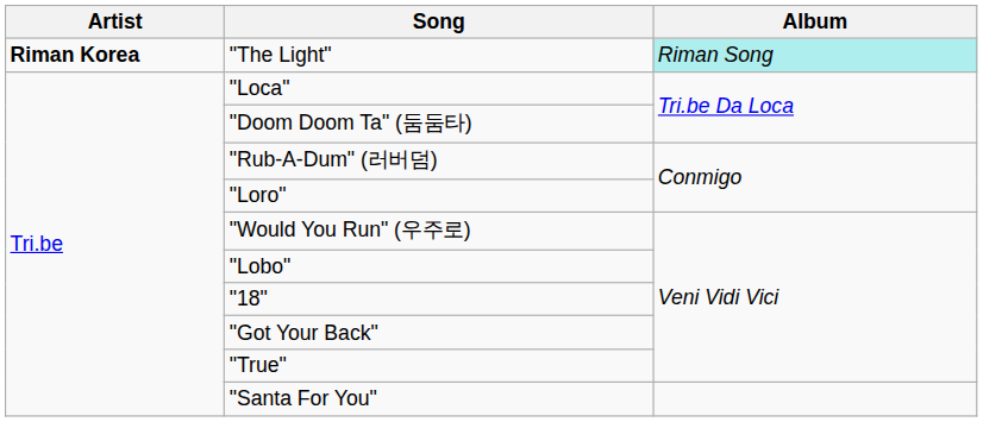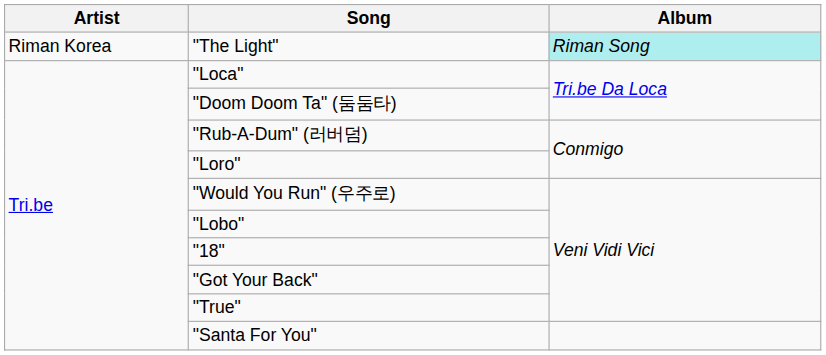 <table class="wikitable">
 <tr>
 <th style="width:10em">Artist</th>
 <th style="width:20em">Song</th>
 <th style="width:15em">Album</th>
 </tr>
 <tr>
-<td><strong>Riman Korea</strong></td>
+<td>Riman Korea</td>
 <td>"The Light"</td>
 <td style="background: paleturquoise;"><em>Riman Song</em></td>
 </tr>
 <tr>
 <td rowspan="10"><a href='#'>Tri.be</a></td>
 <td>"Loca"</td>
 <td rowspan="2"><em><a href='#'>Tri.be Da Loca</a></em></td>
 </tr>
 <tr>
 <td>"Doom Doom Ta" (둠둠타)</td>
 </tr>
 <tr>
 <td>"Rub-A-Dum" (러버덤)</td>
 <td rowspan="2"><em>Conmigo</em></td>
 </tr>
 <tr>
 <td>"Loro"</td>
 </tr>
 <tr>
 <td>"Would You Run" (우주로)</td>
 <td rowspan="5"><em>Veni Vidi Vici</em></td>
 </tr>
 <tr>
 <td>"Lobo"</td>
 </tr>
 <tr>
 <td>"18"</td>
 </tr>
 <tr>
 <td>"Got Your Back"</td>
 </tr>
 <tr>
 <td>"True"</td>
 </tr>
 <tr>
 <td>"Santa For You"</td>
 <td></td>
 </tr>
 </table>
